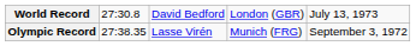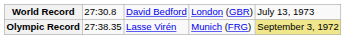 <table class="wikitable" style="font-size:95%;">
 <tr>
 <th>World Record</th>
 <td>27:30.8</td>
 <td> <a href='#'>David Bedford</a></td>
 <td><a href='#'>London</a> (<a href='#'>GBR</a>)</td>
 <td>July 13, 1973</td>
 </tr>
 <tr>
 <th>Olympic Record</th>
 <td>27:38.35</td>
 <td> <a href='#'>Lasse Virén</a></td>
 <td><a href='#'>Munich</a> (<a href='#'>FRG</a>)</td>
-<td>September 3, 1972</td>
+<td style="background: khaki;">September 3, 1972</td>
 </tr>
 </table>
